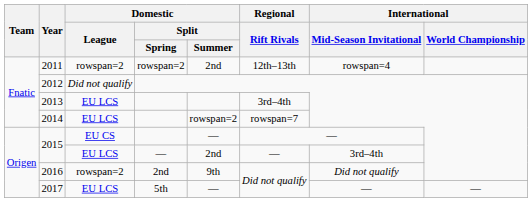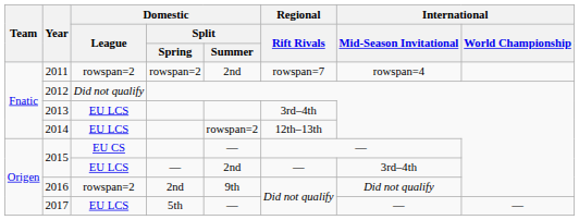 <table class="wikitable" style="font-size:90%; text-align:center;">
 <tr style="background:#f0f6ff;">
 <th rowspan=3>Team</th>
 <th rowspan=3>Year</th>
 <th colspan=3>Domestic</th>
 <th>Regional</th>
 <th colspan=2>International</th>
 </tr>
 <tr>
 <th rowspan=2>League</th>
 <th colspan=2>Split</th>
 <th rowspan=2><a href='#'>Rift Rivals</a></th>
 <th rowspan=2><a href='#'>Mid-Season Invitational</a></th>
 <th rowspan=2><a href='#'>World Championship</a></th>
 </tr>
 <tr>
 <th>Spring</th>
 <th>Summer</th>
 </tr>
 <tr>
 <td rowspan="4"><a href='#'>Fnatic</a></td>
 <td>2011</td>
 <td>rowspan=2 </td>
 <td>rowspan=2 </td>
 <td>2nd</td>
-<td>12th–13th</td>
+<td>rowspan=7 </td>
 <td>rowspan=4 </td>
 <td></td>
 </tr>
 <tr>
 <td>2012</td>
 <td><em>Did not qualify</em></td>
 </tr>
 <tr>
 <td>2013</td>
 <td><a href='#'>EU LCS</a></td>
 <td></td>
 <td></td>
 <td>3rd–4th</td>
 </tr>
 <tr>
 <td>2014</td>
 <td><a href='#'>EU LCS</a></td>
 <td></td>
 <td>rowspan=2 </td>
-<td>rowspan=7 </td>
+<td>12th–13th</td>
 </tr>
 <tr>
 <td rowspan="4"><a href='#'>Origen</a></td>
 <td rowspan="2">2015</td>
 <td><a href='#'>EU CS</a></td>
 <td></td>
 <td>—</td>
 <td colspan="2">—</td>
 </tr>
 <tr>
 <td><a href='#'>EU LCS</a></td>
 <td>—</td>
 <td>2nd</td>
 <td>—</td>
 <td>3rd–4th</td>
 </tr>
 <tr>
 <td>2016</td>
 <td>rowspan=2 </td>
 <td>2nd</td>
 <td>9th</td>
 <td rowspan="2"><em>Did not qualify</em></td>
 <td><em>Did not qualify</em></td>
 </tr>
 <tr>
 <td>2017</td>
 <td><a href='#'>EU LCS</a></td>
 <td>5th</td>
 <td>—</td>
 <td>—</td>
 <td>—</td>
 </tr>
 </table>
